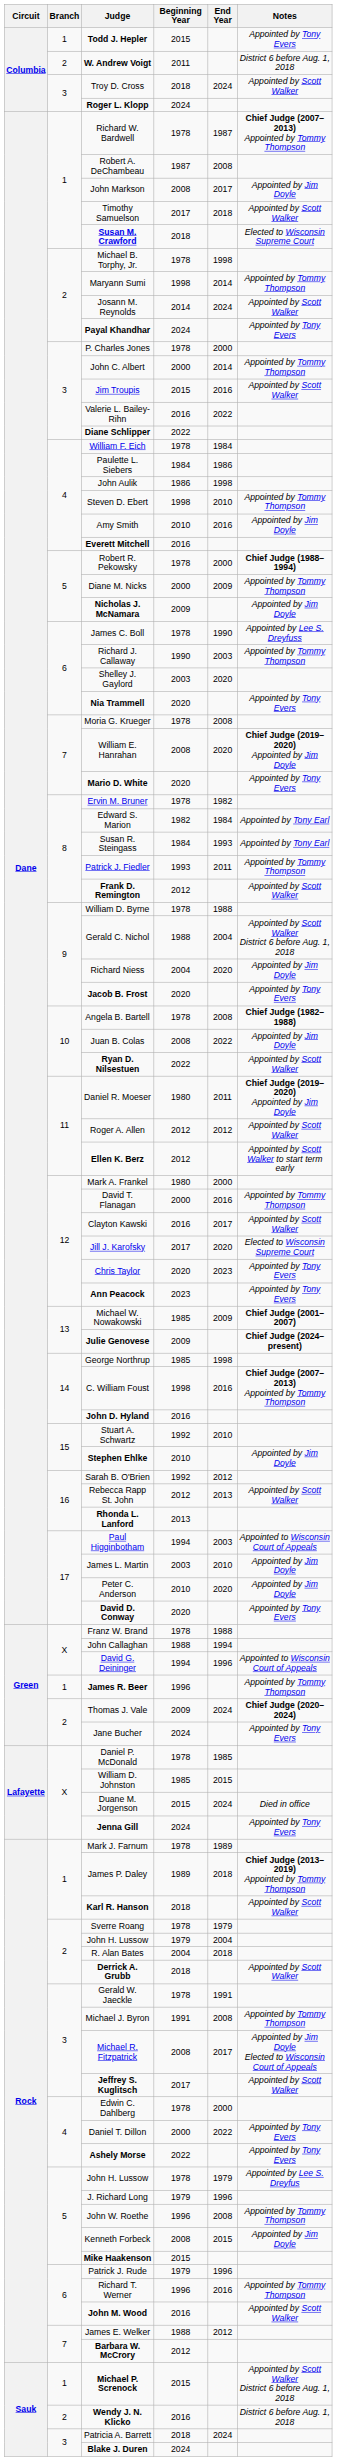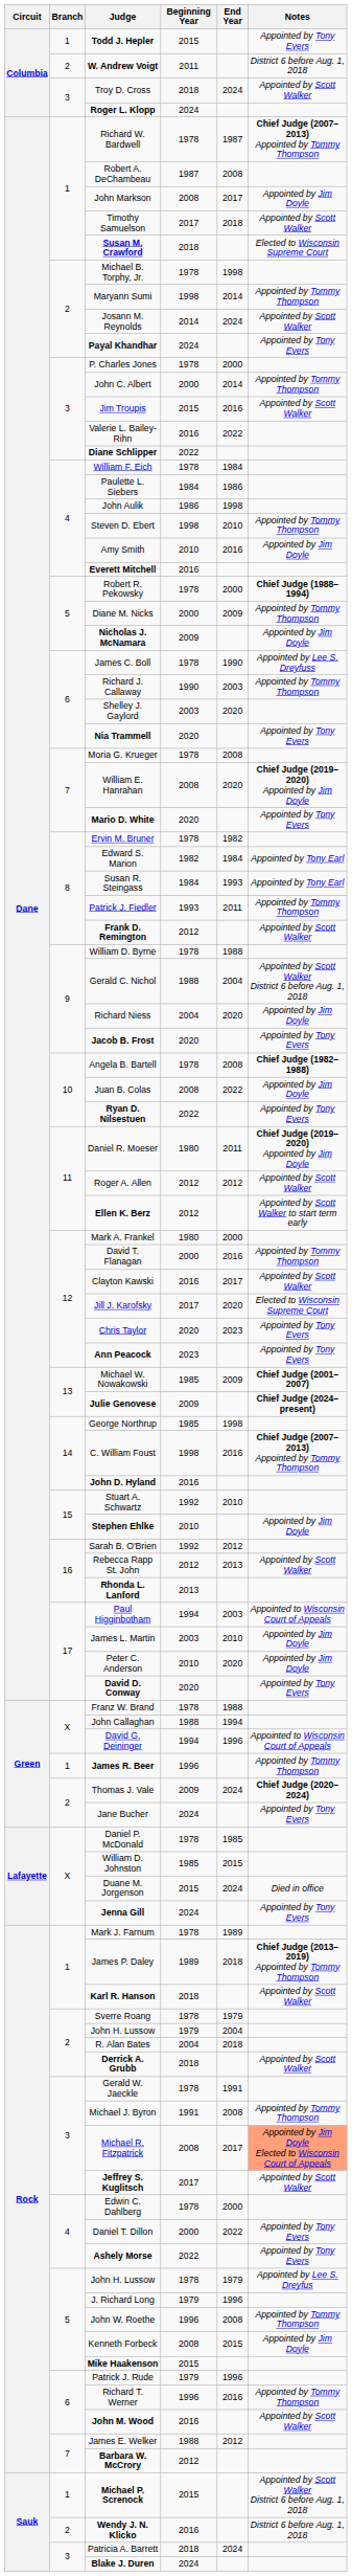 <table class=wikitable style="text-align:center">
 <tr>
 <th>Circuit</th>
 <th>Branch</th>
 <th>Judge</th>
 <th>Beginning Year</th>
 <th>End Year</th>
 <th>Notes</th>
 </tr>
 <tr>
 <th rowspan="4"><a href='#'>Columbia</a></th>
 <td>1</td>
 <td><strong>Todd J. Hepler</strong></td>
 <td>2015</td>
 <td></td>
 <td><em>Appointed by <a href='#'>Tony Evers</a></em></td>
 </tr>
 <tr>
 <td>2</td>
 <td><strong>W. Andrew Voigt</strong></td>
 <td>2011</td>
 <td></td>
 <td><em>District 6 before Aug. 1, 2018</em></td>
 </tr>
 <tr>
 <td rowspan="2">3</td>
 <td>Troy D. Cross</td>
 <td>2018</td>
 <td>2024</td>
 <td><em>Appointed by <a href='#'>Scott Walker</a></em></td>
 </tr>
 <tr>
 <td><strong>Roger L. Klopp</strong></td>
 <td>2024</td>
 <td></td>
 <td></td>
 </tr>
 <tr>
 <th rowspan="65"><a href='#'>Dane</a></th>
 <td rowspan="5">1</td>
 <td>Richard W. Bardwell</td>
 <td>1978</td>
 <td>1987</td>
 <td><strong>Chief Judge (2007–2013)</strong><br><em>Appointed by <a href='#'>Tommy Thompson</a></em></td>
 </tr>
 <tr>
 <td>Robert A. DeChambeau</td>
 <td>1987</td>
 <td>2008</td>
 <td></td>
 </tr>
 <tr>
 <td>John Markson</td>
 <td>2008</td>
 <td>2017</td>
 <td><em>Appointed by <a href='#'>Jim Doyle</a></em></td>
 </tr>
 <tr>
 <td>Timothy Samuelson</td>
 <td>2017</td>
 <td>2018</td>
 <td><em>Appointed by <a href='#'>Scott Walker</a></em></td>
 </tr>
 <tr>
 <td><strong><a href='#'>Susan M. Crawford</a></strong></td>
 <td>2018</td>
 <td></td>
 <td><em>Elected to <a href='#'>Wisconsin Supreme Court</a></em></td>
 </tr>
 <tr>
 <td rowspan="4">2</td>
 <td>Michael B. Torphy, Jr.</td>
 <td>1978</td>
 <td>1998</td>
 <td></td>
 </tr>
 <tr>
 <td>Maryann Sumi</td>
 <td>1998</td>
 <td>2014</td>
 <td><em>Appointed by <a href='#'>Tommy Thompson</a></em></td>
 </tr>
 <tr>
 <td>Josann M. Reynolds</td>
 <td>2014</td>
 <td>2024</td>
 <td><em>Appointed by <a href='#'>Scott Walker</a></em></td>
 </tr>
 <tr>
 <td><strong>Payal Khandhar</strong></td>
 <td>2024</td>
 <td></td>
 <td><em>Appointed by <a href='#'>Tony Evers</a></em></td>
 </tr>
 <tr>
 <td rowspan="5">3</td>
 <td>P. Charles Jones</td>
 <td>1978</td>
 <td>2000</td>
 <td></td>
 </tr>
 <tr>
 <td>John C. Albert</td>
 <td>2000</td>
 <td>2014</td>
 <td><em>Appointed by <a href='#'>Tommy Thompson</a></em></td>
 </tr>
 <tr>
 <td><a href='#'>Jim Troupis</a></td>
 <td>2015</td>
 <td>2016</td>
 <td><em>Appointed by <a href='#'>Scott Walker</a></em></td>
 </tr>
 <tr>
 <td>Valerie L. Bailey-Rihn</td>
 <td>2016</td>
 <td>2022</td>
 <td></td>
 </tr>
 <tr>
 <td><strong>Diane Schlipper</strong></td>
 <td>2022</td>
 <td></td>
 <td></td>
 </tr>
 <tr>
 <td rowspan="6">4</td>
 <td><a href='#'>William F. Eich</a></td>
 <td>1978</td>
 <td>1984</td>
 <td></td>
 </tr>
 <tr>
 <td>Paulette L. Siebers</td>
 <td>1984</td>
 <td>1986</td>
 <td></td>
 </tr>
 <tr>
 <td>John Aulik</td>
 <td>1986</td>
 <td>1998</td>
 <td></td>
 </tr>
 <tr>
 <td>Steven D. Ebert</td>
 <td>1998</td>
 <td>2010</td>
 <td><em>Appointed by <a href='#'>Tommy Thompson</a></em></td>
 </tr>
 <tr>
 <td>Amy Smith</td>
 <td>2010</td>
 <td>2016</td>
 <td><em>Appointed by <a href='#'>Jim Doyle</a></em></td>
 </tr>
 <tr>
 <td><strong>Everett Mitchell</strong></td>
 <td>2016</td>
 <td></td>
 <td></td>
 </tr>
 <tr>
 <td rowspan="3">5</td>
 <td>Robert R. Pekowsky</td>
 <td>1978</td>
 <td>2000</td>
 <td><strong>Chief Judge (1988–1994)</strong></td>
 </tr>
 <tr>
 <td>Diane M. Nicks</td>
 <td>2000</td>
 <td>2009</td>
 <td><em>Appointed by <a href='#'>Tommy Thompson</a></em></td>
 </tr>
 <tr>
 <td><strong>Nicholas J. McNamara</strong></td>
 <td>2009</td>
 <td></td>
 <td><em>Appointed by <a href='#'>Jim Doyle</a></em></td>
 </tr>
 <tr>
 <td rowspan="4">6</td>
 <td>James C. Boll</td>
 <td>1978</td>
 <td>1990</td>
 <td><em>Appointed by <a href='#'>Lee S. Dreyfuss</a></em></td>
 </tr>
 <tr>
 <td>Richard J. Callaway</td>
 <td>1990</td>
 <td>2003</td>
 <td><em>Appointed by <a href='#'>Tommy Thompson</a></em></td>
 </tr>
 <tr>
 <td>Shelley J. Gaylord</td>
 <td>2003</td>
 <td>2020</td>
 <td></td>
 </tr>
 <tr>
 <td><strong>Nia Trammell</strong></td>
 <td>2020</td>
 <td></td>
 <td><em>Appointed by <a href='#'>Tony Evers</a></em></td>
 </tr>
 <tr>
 <td rowspan="3">7</td>
 <td>Moria G. Krueger</td>
 <td>1978</td>
 <td>2008</td>
 <td></td>
 </tr>
 <tr>
 <td>William E. Hanrahan</td>
 <td>2008</td>
 <td>2020</td>
 <td><strong>Chief Judge (2019–2020)</strong><br><em>Appointed by <a href='#'>Jim Doyle</a></em></td>
 </tr>
 <tr>
 <td><strong>Mario D. White</strong></td>
 <td>2020</td>
 <td></td>
 <td><em>Appointed by <a href='#'>Tony Evers</a></em></td>
 </tr>
 <tr>
 <td rowspan="5">8</td>
 <td><a href='#'>Ervin M. Bruner</a></td>
 <td>1978</td>
 <td>1982</td>
 <td></td>
 </tr>
 <tr>
 <td>Edward S. Marion</td>
 <td>1982</td>
 <td>1984</td>
 <td><em>Appointed by <a href='#'>Tony Earl</a></em></td>
 </tr>
 <tr>
 <td>Susan R. Steingass</td>
 <td>1984</td>
 <td>1993</td>
 <td><em>Appointed by <a href='#'>Tony Earl</a></em></td>
 </tr>
 <tr>
 <td><a href='#'>Patrick J. Fiedler</a></td>
 <td>1993</td>
 <td>2011</td>
 <td><em>Appointed by <a href='#'>Tommy Thompson</a></em></td>
 </tr>
 <tr>
 <td><strong>Frank D. Remington</strong></td>
 <td>2012</td>
 <td></td>
 <td><em>Appointed by <a href='#'>Scott Walker</a></em></td>
 </tr>
 <tr>
 <td rowspan="4">9</td>
 <td>William D. Byrne</td>
 <td>1978</td>
 <td>1988</td>
 <td></td>
 </tr>
 <tr>
 <td>Gerald C. Nichol</td>
 <td>1988</td>
 <td>2004</td>
 <td><em>Appointed by <a href='#'>Scott Walker</a></em><br><em>District 6 before Aug. 1, 2018</em></td>
 </tr>
 <tr>
 <td>Richard Niess</td>
 <td>2004</td>
 <td>2020</td>
 <td><em>Appointed by <a href='#'>Jim Doyle</a></em></td>
 </tr>
 <tr>
 <td><strong>Jacob B. Frost</strong></td>
 <td>2020</td>
 <td></td>
 <td><em>Appointed by <a href='#'>Tony Evers</a></em></td>
 </tr>
 <tr>
 <td rowspan="3">10</td>
 <td>Angela B. Bartell</td>
 <td>1978</td>
 <td>2008</td>
 <td><strong>Chief Judge (1982–1988)</strong></td>
 </tr>
 <tr>
 <td>Juan B. Colas</td>
 <td>2008</td>
 <td>2022</td>
 <td><em>Appointed by <a href='#'>Jim Doyle</a></em></td>
 </tr>
 <tr>
 <td><strong>Ryan D. Nilsestuen</strong></td>
 <td>2022</td>
 <td></td>
-<td><em>Appointed by <a href='#'>Scott Walker</a></em></td>
+<td><em>Appointed by <a href='#'>Tony Evers</a></em></td>
 </tr>
 <tr>
 <td rowspan="3">11</td>
 <td>Daniel R. Moeser</td>
 <td>1980</td>
 <td>2011</td>
 <td><strong>Chief Judge (2019–2020)</strong><br><em>Appointed by <a href='#'>Jim Doyle</a></em></td>
 </tr>
 <tr>
 <td>Roger A. Allen</td>
 <td>2012</td>
 <td>2012</td>
 <td><em>Appointed by <a href='#'>Scott Walker</a></em></td>
 </tr>
 <tr>
 <td><strong>Ellen K. Berz</strong></td>
 <td>2012</td>
 <td></td>
 <td><em>Appointed by <a href='#'>Scott Walker</a> to start term early</em></td>
 </tr>
 <tr>
 <td rowspan="6">12</td>
 <td>Mark A. Frankel</td>
 <td>1980</td>
 <td>2000</td>
 <td></td>
 </tr>
 <tr>
 <td>David T. Flanagan</td>
 <td>2000</td>
 <td>2016</td>
 <td><em>Appointed by <a href='#'>Tommy Thompson</a></em></td>
 </tr>
 <tr>
 <td>Clayton Kawski</td>
 <td>2016</td>
 <td>2017</td>
 <td><em>Appointed by <a href='#'>Scott Walker</a></em></td>
 </tr>
 <tr>
 <td><a href='#'>Jill J. Karofsky</a></td>
 <td>2017</td>
 <td>2020</td>
 <td><em>Elected to <a href='#'>Wisconsin Supreme Court</a></em></td>
 </tr>
 <tr>
 <td><a href='#'>Chris Taylor</a></td>
 <td>2020</td>
 <td>2023</td>
 <td><em>Appointed by <a href='#'>Tony Evers</a></em></td>
 </tr>
 <tr>
 <td><strong>Ann Peacock</strong></td>
 <td>2023</td>
 <td></td>
 <td><em>Appointed by <a href='#'>Tony Evers</a></em></td>
 </tr>
 <tr>
 <td rowspan="2">13</td>
 <td>Michael W. Nowakowski</td>
 <td>1985</td>
 <td>2009</td>
 <td><strong>Chief Judge (2001–2007)</strong></td>
 </tr>
 <tr>
 <td><strong>Julie Genovese</strong></td>
 <td>2009</td>
 <td></td>
 <td><strong>Chief Judge (2024–present)</strong></td>
 </tr>
 <tr>
 <td rowspan="3">14</td>
 <td>George Northrup</td>
 <td>1985</td>
 <td>1998</td>
 <td></td>
 </tr>
 <tr>
 <td>C. William Foust</td>
 <td>1998</td>
 <td>2016</td>
 <td><strong>Chief Judge (2007–2013)</strong><br><em>Appointed by <a href='#'>Tommy Thompson</a></em></td>
 </tr>
 <tr>
 <td><strong>John D. Hyland</strong></td>
 <td>2016</td>
 <td></td>
 <td></td>
 </tr>
 <tr>
 <td rowspan="2">15</td>
 <td>Stuart A. Schwartz</td>
 <td>1992</td>
 <td>2010</td>
 <td></td>
 </tr>
 <tr>
 <td><strong>Stephen Ehlke</strong></td>
 <td>2010</td>
 <td></td>
 <td><em>Appointed by <a href='#'>Jim Doyle</a></em></td>
 </tr>
 <tr>
 <td rowspan="3">16</td>
 <td>Sarah B. O'Brien</td>
 <td>1992</td>
 <td>2012</td>
 <td></td>
 </tr>
 <tr>
 <td>Rebecca Rapp St. John</td>
 <td>2012</td>
 <td>2013</td>
 <td><em>Appointed by <a href='#'>Scott Walker</a></em></td>
 </tr>
 <tr>
 <td><strong>Rhonda L. Lanford</strong></td>
 <td>2013</td>
 <td></td>
 <td></td>
 </tr>
 <tr>
 <td rowspan="4">17</td>
 <td><a href='#'>Paul Higginbotham</a></td>
 <td>1994</td>
 <td>2003</td>
 <td><em>Appointed to <a href='#'>Wisconsin Court of Appeals</a></em></td>
 </tr>
 <tr>
 <td>James L. Martin</td>
 <td>2003</td>
 <td>2010</td>
 <td><em>Appointed by <a href='#'>Jim Doyle</a></em></td>
 </tr>
 <tr>
 <td>Peter C. Anderson</td>
 <td>2010</td>
 <td>2020</td>
 <td><em>Appointed by <a href='#'>Jim Doyle</a></em></td>
 </tr>
 <tr>
 <td><strong>David D. Conway</strong></td>
 <td>2020</td>
 <td></td>
 <td><em>Appointed by <a href='#'>Tony Evers</a></em></td>
 </tr>
 <tr>
 <th rowspan="6"><a href='#'>Green</a></th>
 <td rowspan="3">X</td>
 <td>Franz W. Brand</td>
 <td>1978</td>
 <td>1988</td>
 <td></td>
 </tr>
 <tr>
 <td>John Callaghan</td>
 <td>1988</td>
 <td>1994</td>
 <td></td>
 </tr>
 <tr>
 <td><a href='#'>David G. Deininger</a></td>
 <td>1994</td>
 <td>1996</td>
 <td><em>Appointed to <a href='#'>Wisconsin Court of Appeals</a></em></td>
 </tr>
 <tr>
 <td>1</td>
 <td><strong>James R. Beer</strong></td>
 <td>1996</td>
 <td></td>
 <td><em>Appointed by <a href='#'>Tommy Thompson</a></em></td>
 </tr>
 <tr>
 <td rowspan="2">2</td>
 <td>Thomas J. Vale</td>
 <td>2009</td>
 <td>2024</td>
 <td><strong>Chief Judge (2020–2024)</strong></td>
 </tr>
 <tr>
 <td>Jane Bucher</td>
 <td>2024</td>
 <td></td>
 <td><em>Appointed by <a href='#'>Tony Evers</a></em></td>
 </tr>
 <tr>
 <th rowspan="4"><a href='#'>Lafayette</a></th>
 <td rowspan="4">X</td>
 <td>Daniel P. McDonald</td>
 <td>1978</td>
 <td>1985</td>
 <td></td>
 </tr>
 <tr>
 <td>William D. Johnston</td>
 <td>1985</td>
 <td>2015</td>
 <td></td>
 </tr>
 <tr>
 <td>Duane M. Jorgenson</td>
 <td>2015</td>
 <td>2024</td>
 <td><em>Died in office</em></td>
 </tr>
 <tr>
 <td><strong>Jenna Gill</strong></td>
 <td>2024</td>
 <td></td>
 <td><em>Appointed by <a href='#'>Tony Evers</a></em></td>
 </tr>
 <tr>
 <th rowspan="24"><a href='#'>Rock</a></th>
 <td rowspan="3">1</td>
 <td>Mark J. Farnum</td>
 <td>1978</td>
 <td>1989</td>
 <td></td>
 </tr>
 <tr>
 <td>James P. Daley</td>
 <td>1989</td>
 <td>2018</td>
 <td><strong>Chief Judge (2013–2019)</strong><br><em>Appointed by <a href='#'>Tommy Thompson</a></em></td>
 </tr>
 <tr>
 <td><strong>Karl R. Hanson</strong></td>
 <td>2018</td>
 <td></td>
 <td><em>Appointed by <a href='#'>Scott Walker</a></em></td>
 </tr>
 <tr>
 <td rowspan="4">2</td>
 <td>Sverre Roang</td>
 <td>1978</td>
 <td>1979</td>
 <td></td>
 </tr>
 <tr>
 <td>John H. Lussow</td>
 <td>1979</td>
 <td>2004</td>
 <td></td>
 </tr>
 <tr>
 <td>R. Alan Bates</td>
 <td>2004</td>
 <td>2018</td>
 <td></td>
 </tr>
 <tr>
 <td><strong>Derrick A. Grubb</strong></td>
 <td>2018</td>
 <td></td>
 <td><em>Appointed by <a href='#'>Scott Walker</a></em></td>
 </tr>
 <tr>
 <td rowspan="4">3</td>
 <td>Gerald W. Jaeckle</td>
 <td>1978</td>
 <td>1991</td>
 <td></td>
 </tr>
 <tr>
 <td>Michael J. Byron</td>
 <td>1991</td>
 <td>2008</td>
 <td><em>Appointed by <a href='#'>Tommy Thompson</a></em></td>
 </tr>
 <tr>
 <td><a href='#'>Michael R. Fitzpatrick</a></td>
 <td>2008</td>
 <td>2017</td>
-<td><em>Appointed by <a href='#'>Jim Doyle</a></em><br><em>Elected to <a href='#'>Wisconsin Court of Appeals</a></em></td>
+<td style="background: lightsalmon;"><em>Appointed by <a href='#'>Jim Doyle</a></em><br><em>Elected to <a href='#'>Wisconsin Court of Appeals</a></em></td>
 </tr>
 <tr>
 <td><strong>Jeffrey S. Kuglitsch</strong></td>
 <td>2017</td>
 <td></td>
 <td><em>Appointed by <a href='#'>Scott Walker</a></em></td>
 </tr>
 <tr>
 <td rowspan="3">4</td>
 <td>Edwin C. Dahlberg</td>
 <td>1978</td>
 <td>2000</td>
 <td></td>
 </tr>
 <tr>
 <td>Daniel T. Dillon</td>
 <td>2000</td>
 <td>2022</td>
 <td><em>Appointed by <a href='#'>Tony Evers</a></em></td>
 </tr>
 <tr>
 <td><strong>Ashely Morse</strong></td>
 <td>2022</td>
 <td></td>
 <td><em>Appointed by <a href='#'>Tony Evers</a></em></td>
 </tr>
 <tr>
 <td rowspan="5">5</td>
 <td>John H. Lussow</td>
 <td>1978</td>
 <td>1979</td>
 <td><em>Appointed by <a href='#'>Lee S. Dreyfus</a></em></td>
 </tr>
 <tr>
 <td>J. Richard Long</td>
 <td>1979</td>
 <td>1996</td>
 <td></td>
 </tr>
 <tr>
 <td>John W. Roethe</td>
 <td>1996</td>
 <td>2008</td>
 <td><em>Appointed by <a href='#'>Tommy Thompson</a></em></td>
 </tr>
 <tr>
 <td>Kenneth Forbeck</td>
 <td>2008</td>
 <td>2015</td>
 <td><em>Appointed by <a href='#'>Jim Doyle</a></em></td>
 </tr>
 <tr>
 <td><strong>Mike Haakenson</strong></td>
 <td>2015</td>
 <td></td>
 <td></td>
 </tr>
 <tr>
 <td rowspan="3">6</td>
 <td>Patrick J. Rude</td>
 <td>1979</td>
 <td>1996</td>
 <td></td>
 </tr>
 <tr>
 <td>Richard T. Werner</td>
 <td>1996</td>
 <td>2016</td>
 <td><em>Appointed by <a href='#'>Tommy Thompson</a></em></td>
 </tr>
 <tr>
 <td><strong>John M. Wood</strong></td>
 <td>2016</td>
 <td></td>
 <td><em>Appointed by <a href='#'>Scott Walker</a></em></td>
 </tr>
 <tr>
 <td rowspan="2">7</td>
 <td>James E. Welker</td>
 <td>1988</td>
 <td>2012</td>
 <td></td>
 </tr>
 <tr>
 <td><strong>Barbara W. McCrory</strong></td>
 <td>2012</td>
 <td></td>
 <td></td>
 </tr>
 <tr>
 <th rowspan="4"><a href='#'>Sauk</a></th>
 <td>1</td>
 <td><strong>Michael P. Screnock</strong></td>
 <td>2015</td>
 <td></td>
 <td><em>Appointed by <a href='#'>Scott Walker</a></em><br><em>District 6 before Aug. 1, 2018</em></td>
 </tr>
 <tr>
 <td>2</td>
 <td><strong>Wendy J. N. Klicko</strong></td>
 <td>2016</td>
 <td></td>
 <td><em>District 6 before Aug. 1, 2018</em></td>
 </tr>
 <tr>
 <td rowspan="2">3</td>
 <td>Patricia A. Barrett</td>
 <td>2018</td>
 <td>2024</td>
 <td></td>
 </tr>
 <tr>
 <td><strong>Blake J. Duren</strong></td>
 <td>2024</td>
 <td></td>
 <td></td>
 </tr>
 </table>
